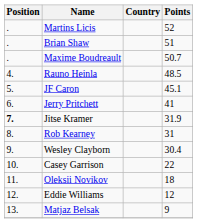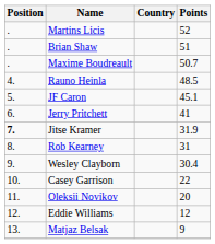 <table class="wikitable" style="display: inline-table">
 <tr>
 <th>Position</th>
 <th>Name</th>
 <th>Country</th>
 <th>Points</th>
 </tr>
 <tr>
 <td>.</td>
 <td><a href='#'>Martins Licis</a></td>
 <td></td>
 <td>52</td>
 </tr>
 <tr>
 <td>.</td>
 <td><a href='#'>Brian Shaw</a></td>
 <td></td>
 <td>51</td>
 </tr>
 <tr>
 <td>.</td>
 <td><a href='#'>Maxime Boudreault</a></td>
 <td></td>
 <td>50.7</td>
 </tr>
 <tr>
 <td>4.</td>
 <td><a href='#'>Rauno Heinla</a></td>
 <td></td>
 <td>48.5</td>
 </tr>
 <tr>
 <td>5.</td>
 <td><a href='#'>JF Caron</a></td>
 <td></td>
 <td>45.1</td>
 </tr>
 <tr>
 <td>6.</td>
 <td><a href='#'>Jerry Pritchett</a></td>
 <td></td>
 <td>41</td>
 </tr>
 <tr>
 <td><strong>7.</strong></td>
 <td>Jitse Kramer</td>
 <td></td>
 <td>31.9</td>
 </tr>
 <tr>
 <td>8.</td>
 <td><a href='#'>Rob Kearney</a></td>
 <td></td>
 <td>31</td>
 </tr>
 <tr>
 <td>9.</td>
 <td>Wesley Clayborn</td>
 <td></td>
 <td>30.4</td>
 </tr>
 <tr>
 <td>10.</td>
 <td>Casey Garrison</td>
 <td></td>
 <td>22</td>
 </tr>
 <tr>
 <td>11.</td>
 <td><a href='#'>Oleksii Novikov</a></td>
 <td></td>
-<td>18</td>
+<td>20</td>
 </tr>
 <tr>
 <td>12.</td>
 <td>Eddie Williams</td>
 <td></td>
 <td>12</td>
 </tr>
 <tr>
 <td>13.</td>
 <td><a href='#'>Matjaz Belsak</a></td>
 <td></td>
 <td>9</td>
 </tr>
 <tr>
 </tr>
 </table>
